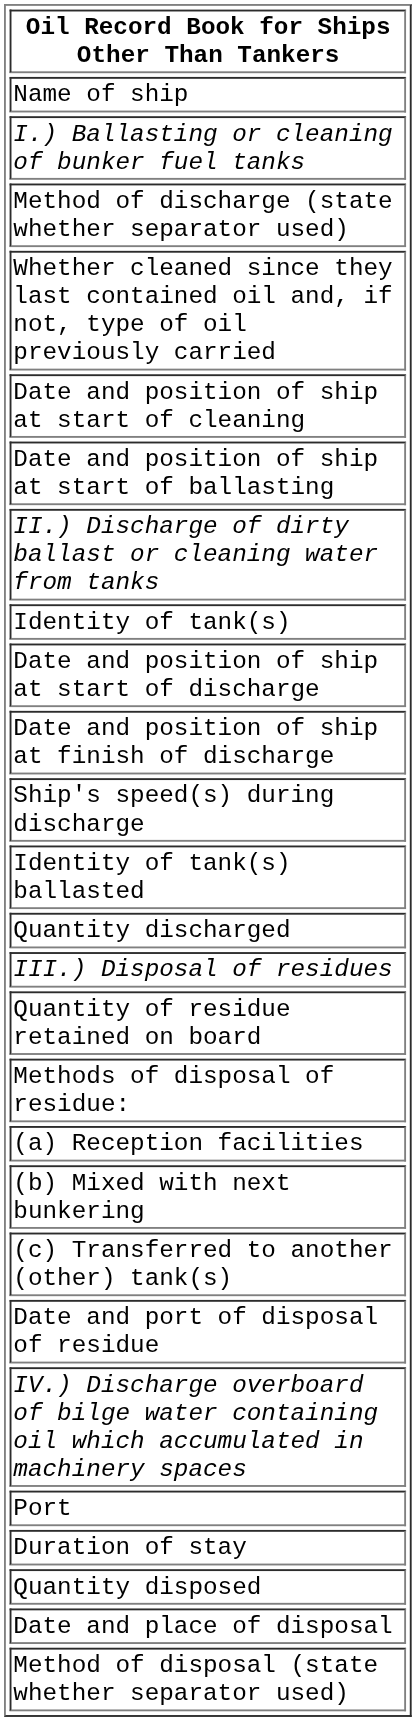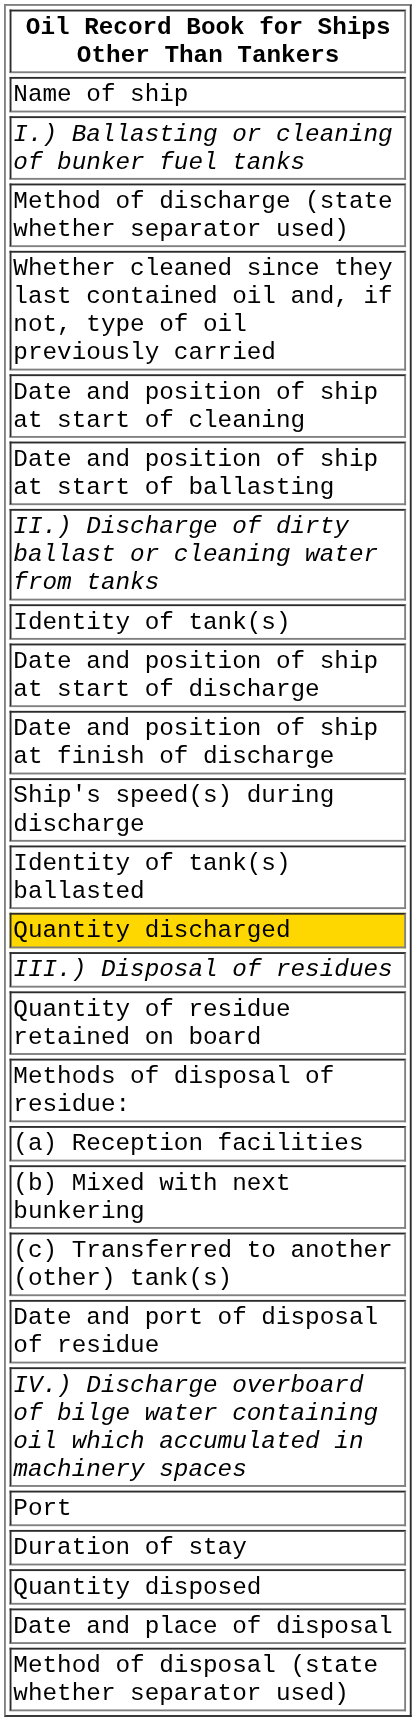 <table border="1" width="35%">
 <tr>
 <th align="center">Oil Record Book for Ships Other Than Tankers</th>
 </tr>
 <tr>
 <td>Name of ship</td>
 </tr>
 <tr>
 <td><em>I.) Ballasting or cleaning of bunker fuel tanks</em></td>
 </tr>
 <tr>
 <td>Method of discharge (state whether separator used)</td>
 </tr>
 <tr>
 <td>Whether cleaned since they last contained oil and, if not, type of oil previously carried</td>
 </tr>
 <tr>
 <td>Date and position of ship at start of cleaning</td>
 </tr>
 <tr>
 <td>Date and position of ship at start of ballasting</td>
 </tr>
 <tr>
 <td><em>II.) Discharge of dirty ballast or cleaning water from tanks</em></td>
 </tr>
 <tr>
 <td>Identity of tank(s)</td>
 </tr>
 <tr>
 <td>Date and position of ship at start of discharge</td>
 </tr>
 <tr>
 <td>Date and position of ship at finish of discharge</td>
 </tr>
 <tr>
 <td>Ship's speed(s) during discharge</td>
 </tr>
 <tr>
 <td>Identity of tank(s) ballasted</td>
 </tr>
 <tr>
-<td>Quantity discharged</td>
+<td style="background: gold;">Quantity discharged</td>
 </tr>
 <tr>
 <td><em>III.) Disposal of residues</em></td>
 </tr>
 <tr>
 <td>Quantity of residue retained on board</td>
 </tr>
 <tr>
 <td>Methods of disposal of residue:</td>
 </tr>
 <tr>
 <td>(a) Reception facilities</td>
 </tr>
 <tr>
 <td>(b) Mixed with next bunkering</td>
 </tr>
 <tr>
 <td>(c) Transferred to another (other) tank(s)</td>
 </tr>
 <tr>
 <td>Date and port of disposal of residue</td>
 </tr>
 <tr>
 <td><em>IV.) Discharge overboard of bilge water containing oil which accumulated in machinery spaces</em></td>
 </tr>
 <tr>
 <td>Port</td>
 </tr>
 <tr>
 <td>Duration of stay</td>
 </tr>
 <tr>
 <td>Quantity disposed</td>
 </tr>
 <tr>
 <td>Date and place of disposal</td>
 </tr>
 <tr>
 <td>Method of disposal (state whether separator used)</td>
 </tr>
 </table>
